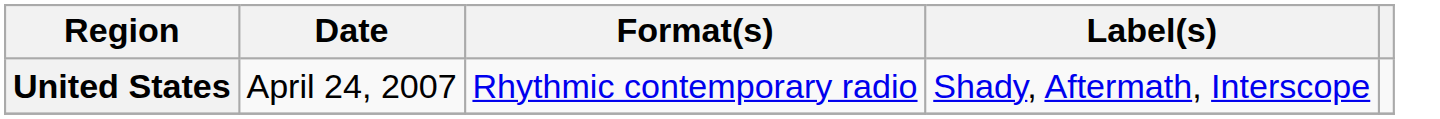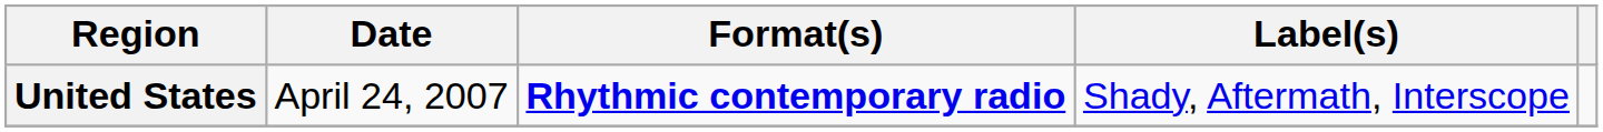 <table class="wikitable plainrowheaders">
 <tr>
 <th scope="col">Region</th>
 <th scope="col">Date</th>
 <th scope="col">Format(s)</th>
 <th scope="col">Label(s)</th>
 <th scope="col"></th>
 </tr>
 <tr>
 <th scope="row">United States</th>
 <td>April 24, 2007</td>
-<td><a href='#'>Rhythmic contemporary radio</a></td>
+<td><strong><a href='#'>Rhythmic contemporary radio</a></strong></td>
 <td><a href='#'>Shady</a>, <a href='#'>Aftermath</a>, <a href='#'>Interscope</a></td>
 <td align="center"></td>
 </tr>
 <tr>
 </tr>
 </table>
